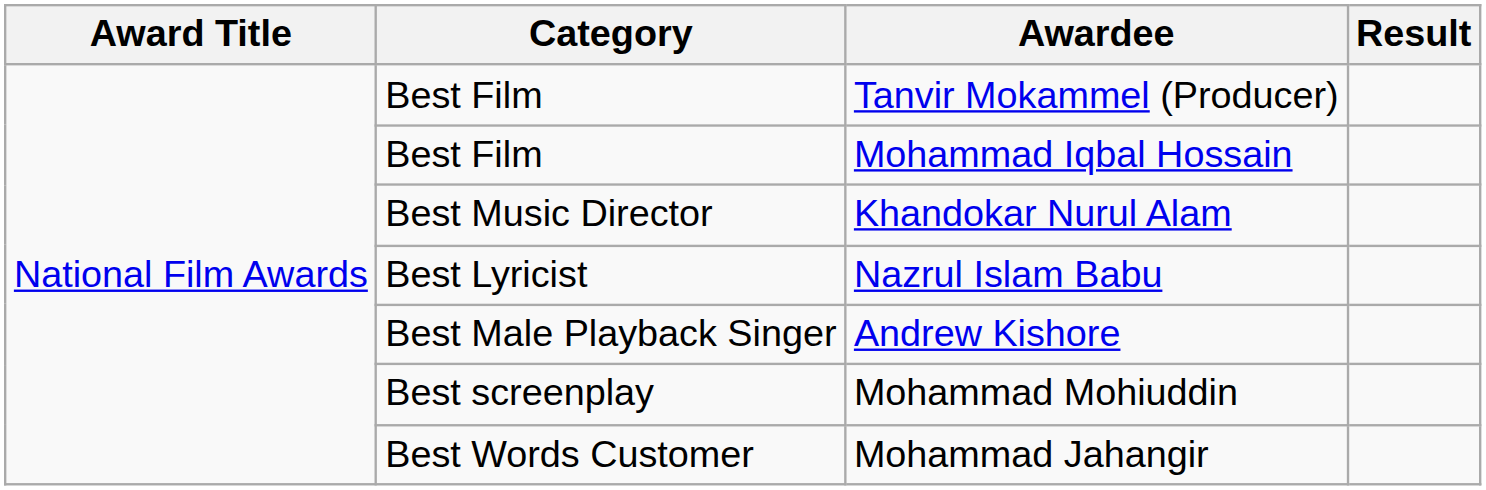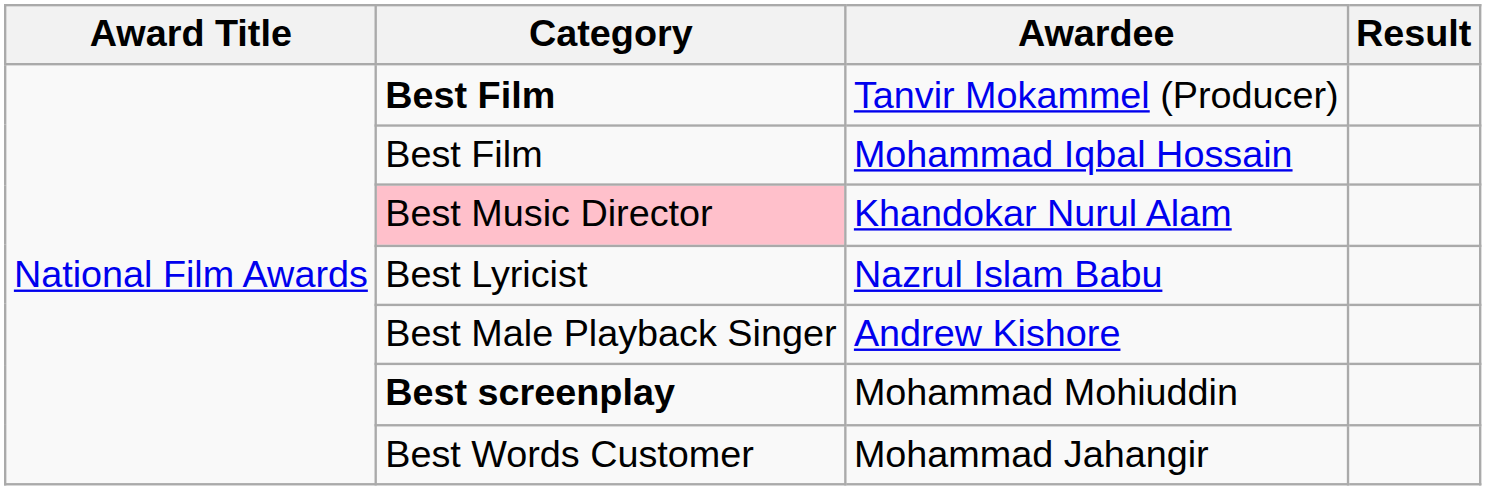 <table class="wikitable">
 <tr>
 <th>Award Title</th>
 <th>Category</th>
 <th>Awardee</th>
 <th>Result</th>
 </tr>
 <tr>
 <td rowspan="7"><a href='#'>National Film Awards</a></td>
-<td>Best Film</td>
+<td><strong>Best Film</strong></td>
 <td><a href='#'>Tanvir Mokammel</a> (Producer)</td>
 <td></td>
 </tr>
 <tr>
 <td>Best Film</td>
 <td><a href='#'>Mohammad Iqbal Hossain</a></td>
 <td></td>
 </tr>
 <tr>
-<td>Best Music Director</td>
+<td style="background: pink;">Best Music Director</td>
 <td><a href='#'>Khandokar Nurul Alam</a></td>
 <td></td>
 </tr>
 <tr>
 <td>Best Lyricist</td>
 <td><a href='#'>Nazrul Islam Babu</a></td>
 <td></td>
 </tr>
 <tr>
 <td>Best Male Playback Singer</td>
 <td><a href='#'>Andrew Kishore</a></td>
 <td></td>
 </tr>
 <tr>
-<td>Best screenplay</td>
+<td><strong>Best screenplay</strong></td>
 <td>Mohammad Mohiuddin</td>
 <td></td>
 </tr>
 <tr>
 <td>Best Words Customer</td>
 <td>Mohammad Jahangir</td>
 <td></td>
 </tr>
 </table>
